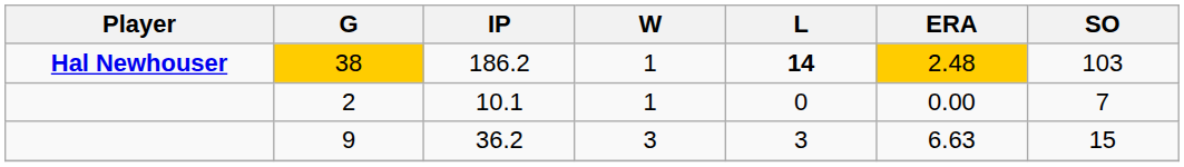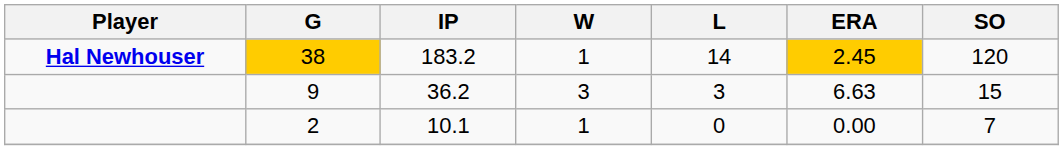 <table class="wikitable sortable">
 <tr>
 <th bgcolor="#DDDDFF" width="16%">Player</th>
 <th bgcolor="#DDDDFF" width="9%">G</th>
 <th bgcolor="#DDDDFF" width="9%">IP</th>
 <th bgcolor="#DDDDFF" width="9%">W</th>
 <th bgcolor="#DDDDFF" width="9%">L</th>
 <th bgcolor="#DDDDFF" width="9%">ERA</th>
 <th bgcolor="#DDDDFF" width="9%">SO</th>
 </tr>
 <tr align="center">
 <td><strong><a href='#'>Hal Newhouser</a></strong></td>
 <td style="background:#fc0;">38</td>
-<td>186.2</td>
+<td>183.2</td>
 <td>1</td>
-<td><strong>14</strong></td>
-<td style="background:#fc0;">2.48</td>
-<td>103</td>
-</tr>
-<tr align="center">
-<td></td>
-<td>2</td>
-<td>10.1</td>
-<td>1</td>
-<td>0</td>
-<td>0.00</td>
-<td>7</td>
+<td>14</td>
+<td style="background:#fc0;">2.45</td>
+<td>120</td>
 </tr>
 <tr align=center>
 <td></td>
 <td>9</td>
 <td>36.2</td>
 <td>3</td>
 <td>3</td>
 <td>6.63</td>
 <td>15</td>
 </tr>
 <tr align="center">
+<td></td>
+<td>2</td>
+<td>10.1</td>
+<td>1</td>
+<td>0</td>
+<td>0.00</td>
+<td>7</td>
+</tr>
+<tr align="center">
 </tr>
 </table>
